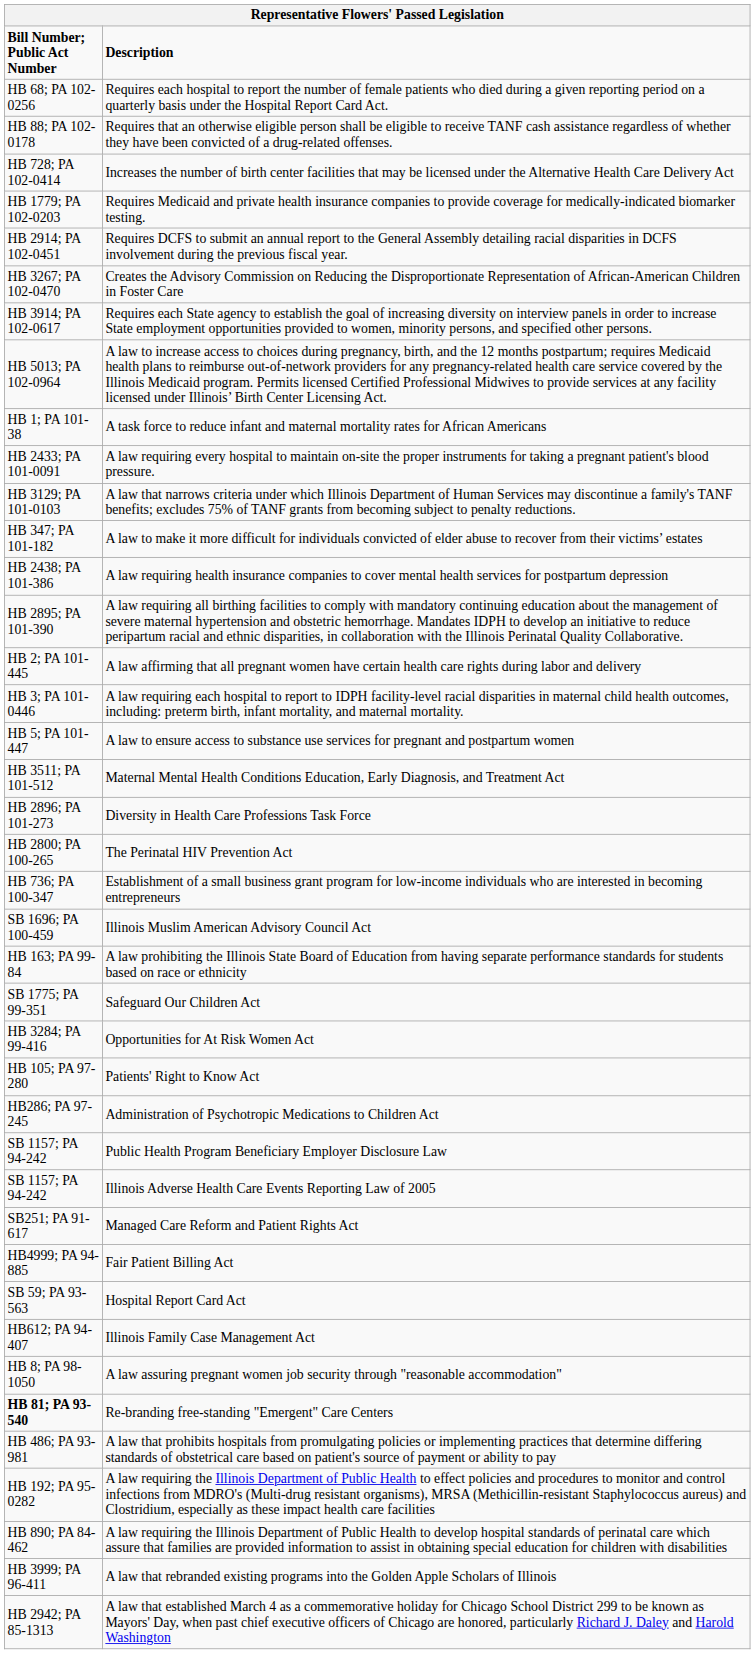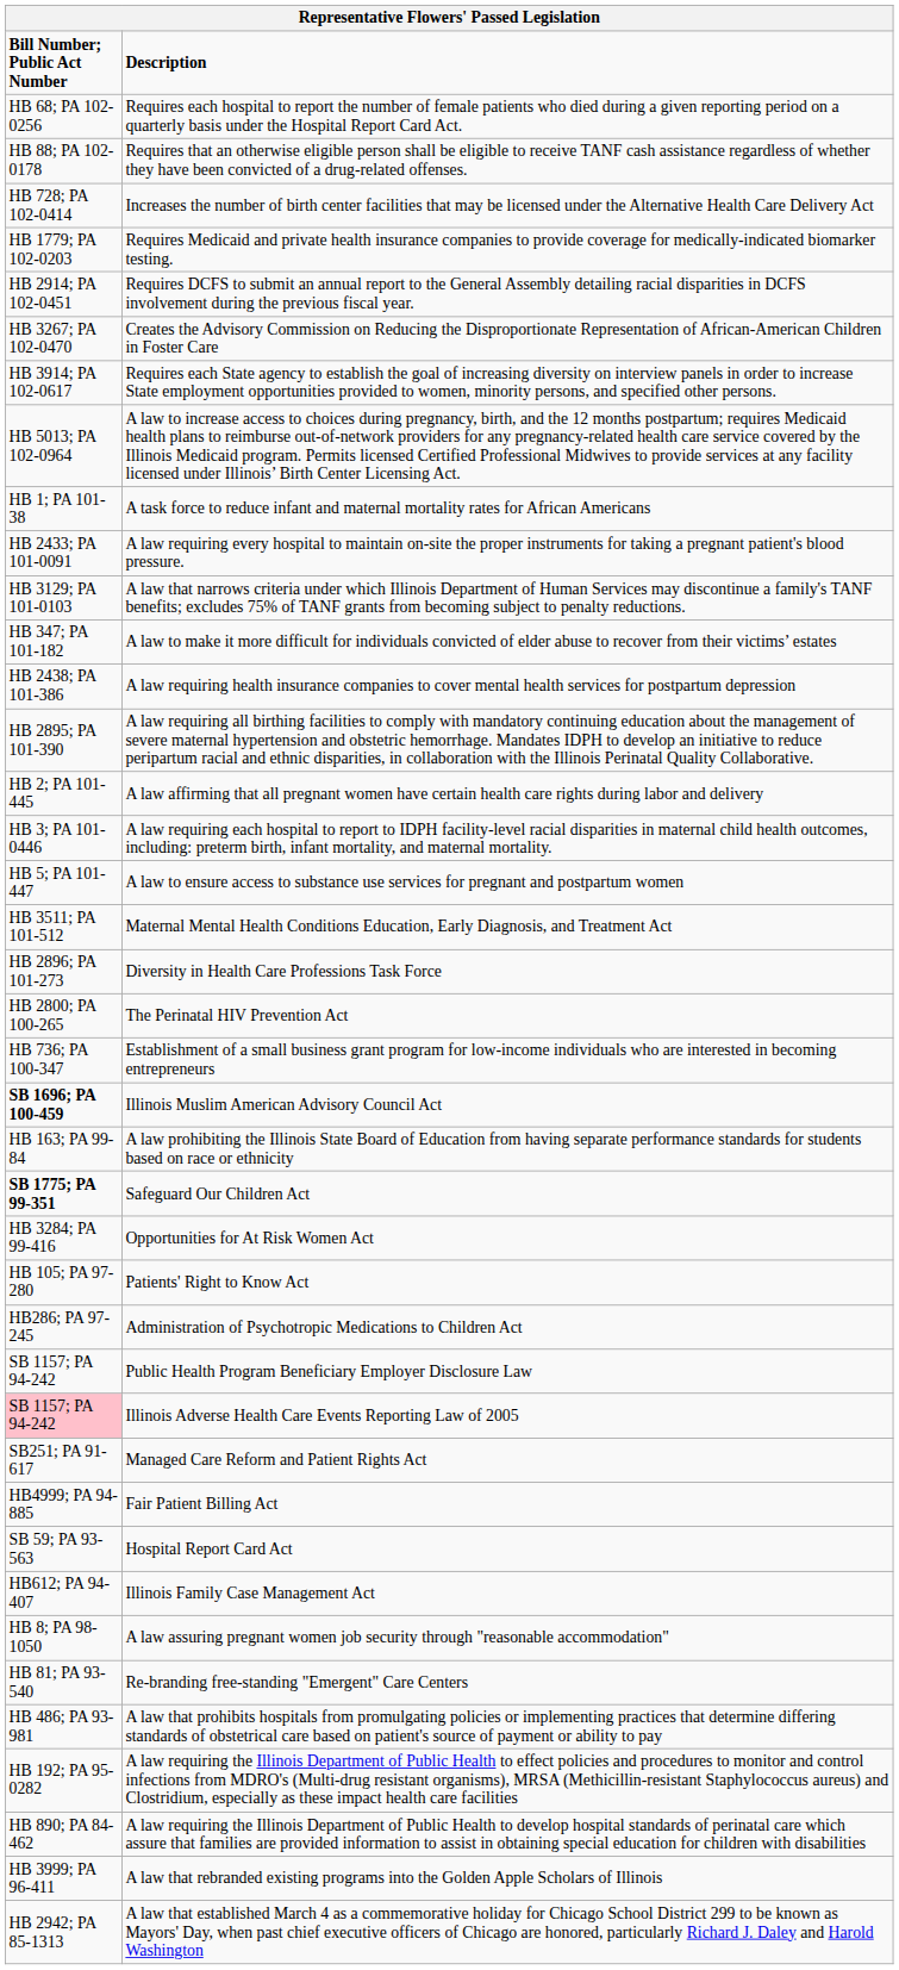 <table role="presentation" class="wikitable mw-collapsible mw-collapsed">
 <tr>
 <th colspan="2" style="width:600px"><strong>Representative Flowers' Passed Legislation</strong></th>
 </tr>
 <tr>
 <td><strong>Bill Number; Public Act Number</strong></td>
 <td><strong>Description</strong></td>
 </tr>
 <tr>
 <td>HB 68; PA 102-0256</td>
 <td>Requires each hospital to report the number of female patients who died during a given reporting period on a quarterly basis under the Hospital Report Card Act.</td>
 </tr>
 <tr>
 <td>HB 88; PA 102-0178</td>
 <td>Requires that an otherwise eligible person shall be eligible to receive TANF cash assistance regardless of whether they have been convicted of a drug-related offenses.</td>
 </tr>
 <tr>
 <td>HB 728; PA 102-0414</td>
 <td>Increases the number of birth center facilities that may be licensed under the Alternative Health Care Delivery Act</td>
 </tr>
 <tr>
 <td>HB 1779; PA 102-0203</td>
 <td>Requires Medicaid and private health insurance companies to provide coverage for medically-indicated biomarker testing.</td>
 </tr>
 <tr>
 <td>HB 2914; PA 102-0451</td>
 <td>Requires DCFS to submit an annual report to the General Assembly detailing racial disparities in DCFS involvement during the previous fiscal year.</td>
 </tr>
 <tr>
 <td>HB 3267; PA 102-0470</td>
 <td>Creates the Advisory Commission on Reducing the Disproportionate Representation of African-American Children in Foster Care</td>
 </tr>
 <tr>
 <td>HB 3914; PA 102-0617</td>
 <td>Requires each State agency to establish the goal of increasing diversity on interview panels in order to increase State employment opportunities provided to women, minority persons, and specified other persons.</td>
 </tr>
 <tr>
 <td>HB 5013; PA 102-0964</td>
 <td>A law to increase access to choices during pregnancy, birth, and the 12 months postpartum; requires Medicaid health plans to reimburse out-of-network providers for any pregnancy-related health care service covered by the Illinois Medicaid program. Permits licensed Certified Professional Midwives to provide services at any facility licensed under Illinois’ Birth Center Licensing Act.</td>
 </tr>
 <tr>
 <td>HB 1; PA 101-38</td>
 <td>A task force to reduce infant and maternal mortality rates for African Americans</td>
 </tr>
 <tr>
 <td>HB 2433; PA 101-0091</td>
 <td>A law requiring every hospital to maintain on-site the proper instruments for taking a pregnant patient's blood pressure.</td>
 </tr>
 <tr>
 <td>HB 3129; PA 101-0103</td>
 <td>A law that narrows criteria under which Illinois Department of Human Services may discontinue a family's TANF benefits; excludes 75% of TANF grants from becoming subject to penalty reductions.</td>
 </tr>
 <tr>
 <td>HB 347; PA 101-182</td>
 <td>A law to make it more difficult for individuals convicted of elder abuse to recover from their victims’ estates</td>
 </tr>
 <tr>
 <td>HB 2438; PA 101-386</td>
 <td>A law requiring health insurance companies to cover mental health services for postpartum depression</td>
 </tr>
 <tr>
 <td>HB 2895; PA 101-390</td>
 <td>A law requiring all birthing facilities to comply with mandatory continuing education about the management of severe maternal hypertension and obstetric hemorrhage. Mandates IDPH to develop an initiative to reduce peripartum racial and ethnic disparities, in collaboration with the Illinois Perinatal Quality Collaborative.</td>
 </tr>
 <tr>
 <td>HB 2; PA 101-445</td>
 <td>A law affirming that all pregnant women have certain health care rights during labor and delivery</td>
 </tr>
 <tr>
 <td>HB 3; PA 101-0446</td>
 <td>A law requiring each hospital to report to IDPH facility-level racial disparities in maternal child health outcomes, including: preterm birth, infant mortality, and maternal mortality.</td>
 </tr>
 <tr>
 <td>HB 5; PA 101-447</td>
 <td>A law to ensure access to substance use services for pregnant and postpartum women</td>
 </tr>
 <tr>
 <td>HB 3511; PA 101-512</td>
 <td>Maternal Mental Health Conditions Education, Early Diagnosis, and Treatment Act</td>
 </tr>
 <tr>
 <td>HB 2896; PA 101-273</td>
 <td>Diversity in Health Care Professions Task Force</td>
 </tr>
 <tr>
 <td>HB 2800; PA 100-265</td>
 <td>The Perinatal HIV Prevention Act</td>
 </tr>
 <tr>
 <td>HB 736; PA 100-347</td>
 <td>Establishment of a small business grant program for low-income individuals who are interested in becoming entrepreneurs</td>
 </tr>
 <tr>
-<td>SB 1696; PA 100-459</td>
+<td><strong>SB 1696; PA 100-459</strong></td>
 <td>Illinois Muslim American Advisory Council Act</td>
 </tr>
 <tr>
 <td>HB 163; PA 99-84</td>
 <td>A law prohibiting the Illinois State Board of Education from having separate performance standards for students based on race or ethnicity</td>
 </tr>
 <tr>
-<td>SB 1775; PA 99-351</td>
+<td><strong>SB 1775; PA 99-351</strong></td>
 <td>Safeguard Our Children Act</td>
 </tr>
 <tr>
 <td>HB 3284; PA 99-416</td>
 <td>Opportunities for At Risk Women Act</td>
 </tr>
 <tr>
 <td>HB 105; PA 97-280</td>
 <td>Patients' Right to Know Act</td>
 </tr>
 <tr>
 <td>HB286; PA 97-245</td>
 <td>Administration of Psychotropic Medications to Children Act</td>
 </tr>
 <tr>
 <td>SB 1157; PA 94-242</td>
 <td>Public Health Program Beneficiary Employer Disclosure Law</td>
 </tr>
 <tr>
-<td>SB 1157; PA 94-242</td>
+<td style="background: pink;">SB 1157; PA 94-242</td>
 <td>Illinois Adverse Health Care Events Reporting Law of 2005</td>
 </tr>
 <tr>
 <td>SB251; PA 91-617</td>
 <td>Managed Care Reform and Patient Rights Act</td>
 </tr>
 <tr>
 <td>HB4999; PA 94-885</td>
 <td>Fair Patient Billing Act</td>
 </tr>
 <tr>
 <td>SB 59; PA 93-563</td>
 <td>Hospital Report Card Act</td>
 </tr>
 <tr>
 <td>HB612; PA 94-407</td>
 <td>Illinois Family Case Management Act</td>
 </tr>
 <tr>
 <td>HB 8; PA 98-1050</td>
 <td>A law assuring pregnant women job security through "reasonable accommodation"</td>
 </tr>
 <tr>
-<td><strong>HB 81; PA 93-540</strong></td>
+<td>HB 81; PA 93-540</td>
 <td>Re-branding free-standing "Emergent" Care Centers</td>
 </tr>
 <tr>
 <td>HB 486; PA 93-981</td>
 <td>A law that prohibits hospitals from promulgating policies or implementing practices that determine differing standards of obstetrical care based on patient's source of payment or ability to pay</td>
 </tr>
 <tr>
 <td>HB 192; PA 95-0282</td>
 <td>A law requiring the <a href='#'>Illinois Department of Public Health</a> to effect policies and procedures to monitor and control infections from MDRO's (Multi-drug resistant organisms), MRSA (Methicillin-resistant Staphylococcus aureus) and Clostridium, especially as these impact health care facilities</td>
 </tr>
 <tr>
 <td>HB 890; PA 84-462</td>
 <td>A law requiring the Illinois Department of Public Health to develop hospital standards of perinatal care which assure that families are provided information to assist in obtaining special education for children with disabilities</td>
 </tr>
 <tr>
 <td>HB 3999; PA 96-411</td>
 <td>A law that rebranded existing programs into the Golden Apple Scholars of Illinois</td>
 </tr>
 <tr>
 <td>HB 2942; PA 85-1313</td>
 <td>A law that established March 4 as a commemorative holiday for Chicago School District 299 to be known as Mayors' Day, when past chief executive officers of Chicago are honored, particularly <a href='#'>Richard J. Daley</a> and <a href='#'>Harold Washington</a></td>
 </tr>
 </table>
